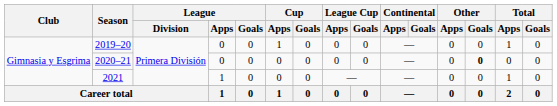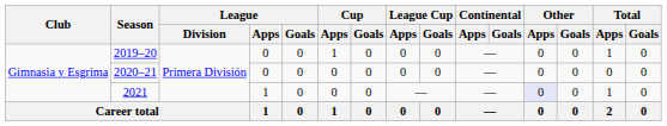 <table class="wikitable" style="text-align:center">
 <tr>
 <th rowspan="2">Club</th>
 <th rowspan="2">Season</th>
 <th colspan="3">League</th>
 <th colspan="2">Cup</th>
 <th colspan="2">League Cup</th>
 <th colspan="2">Continental</th>
 <th colspan="2">Other</th>
 <th colspan="2">Total</th>
 </tr>
 <tr>
 <th>Division</th>
 <th>Apps</th>
 <th>Goals</th>
 <th>Apps</th>
 <th>Goals</th>
 <th>Apps</th>
 <th>Goals</th>
 <th>Apps</th>
 <th>Goals</th>
 <th>Apps</th>
 <th>Goals</th>
 <th>Apps</th>
 <th>Goals</th>
 </tr>
 <tr>
 <td rowspan="3"><a href='#'>Gimnasia y Esgrima</a></td>
 <td><a href='#'>2019–20</a></td>
 <td rowspan="3"><a href='#'>Primera División</a></td>
 <td>0</td>
 <td>0</td>
 <td>1</td>
 <td>0</td>
 <td>0</td>
 <td>0</td>
 <td colspan="2">—</td>
 <td>0</td>
 <td>0</td>
 <td>1</td>
 <td>0</td>
 </tr>
 <tr>
 <td><a href='#'>2020–21</a></td>
 <td>0</td>
 <td>0</td>
 <td>0</td>
 <td>0</td>
 <td>0</td>
 <td>0</td>
 <td colspan="2">—</td>
 <td>0</td>
-<td><strong>0</strong></td>
+<td>0</td>
 <td>0</td>
 <td>0</td>
 </tr>
 <tr>
 <td><a href='#'>2021</a></td>
 <td>1</td>
 <td>0</td>
 <td>0</td>
 <td>0</td>
 <td colspan="2">—</td>
 <td colspan="2">—</td>
-<td>0</td>
+<td style="background: lavender;">0</td>
 <td>0</td>
 <td>1</td>
 <td>0</td>
 </tr>
 <tr>
 <th colspan="3">Career total</th>
 <th>1</th>
 <th>0</th>
 <th>1</th>
 <th>0</th>
 <th>0</th>
 <th>0</th>
 <th colspan="2">—</th>
 <th>0</th>
 <th>0</th>
 <th>2</th>
 <th>0</th>
 </tr>
 </table>
